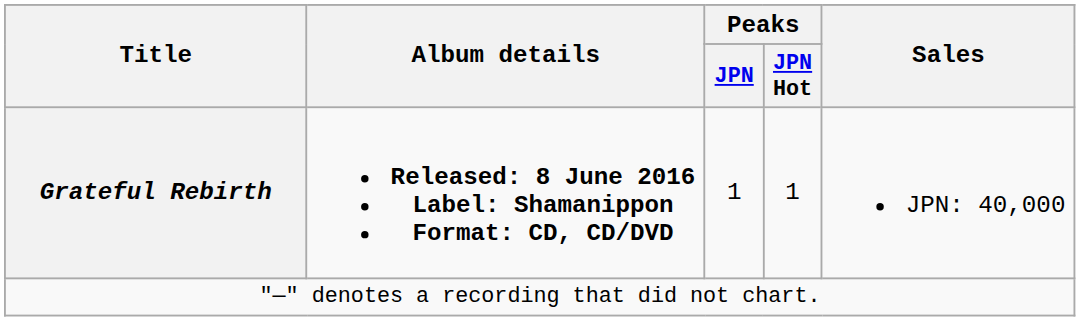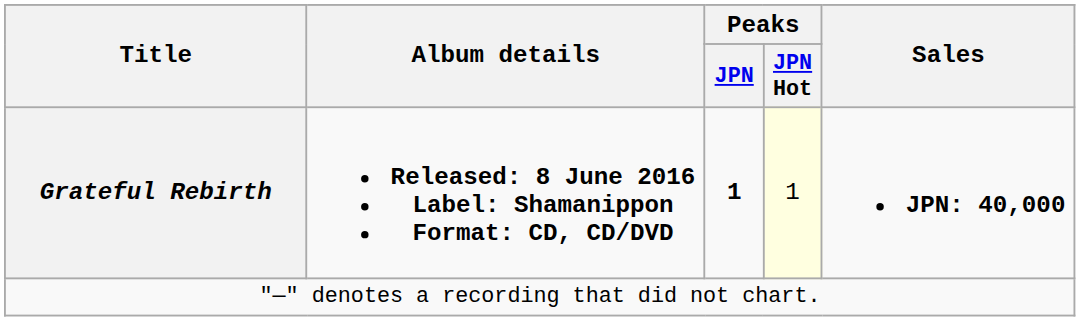 <table class="wikitable plainrowheaders" style="text-align:center;" border="1">
 <tr>
 <th scope="col" rowspan="2" style="width:12em;">Title</th>
 <th scope="col" rowspan="2" style="width:16em;">Album details</th>
 <th scope="col" colspan="2">Peaks</th>
 <th scope="col" rowspan="2" style="width:10em;">Sales</th>
 </tr>
 <tr>
 <th scope="col" style="width:2.2em;font-size:90%;"><a href='#'>JPN</a><br></th>
 <th scope="col" style="width:2.2em;font-size:90%;"><a href='#'>JPN</a><br>Hot<br></th>
 </tr>
 <tr>
 <th scope="row"><em>Grateful Rebirth</em></th>
 <td><strong><br><ul><li>Released: 8 June 2016</li><li>Label: Shamanippon</li><li>Format: CD, CD/DVD</li></ul></strong></td>
-<td>1</td>
-<td>1</td>
-<td><br><ul><li>JPN: 40,000</li></ul></td>
+<td><strong>1</strong></td>
+<td style="background: lightyellow;">1</td>
+<td><strong><br><ul><li>JPN: 40,000</li></ul></strong></td>
 </tr>
 <tr>
 <td colspan="14" style="font-size:90%">"—" denotes a recording that did not chart.</td>
 </tr>
 </table>
